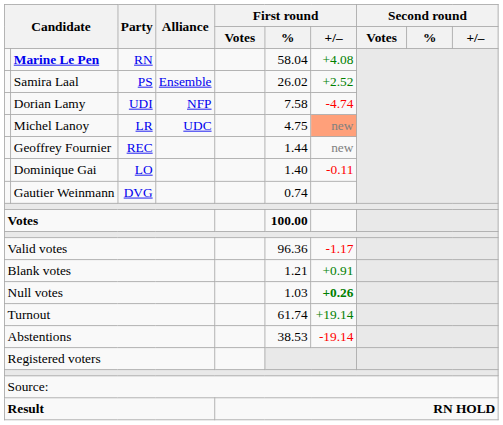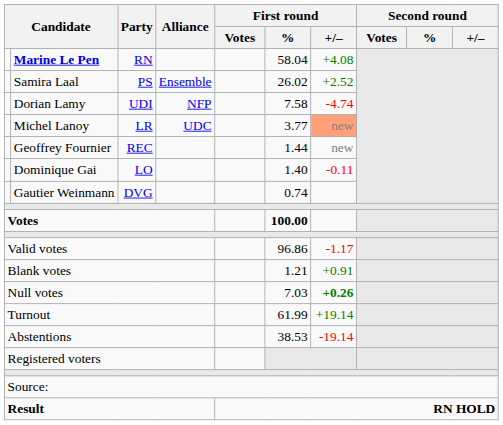 <table class="wikitable" style="text-align:right;font-size:95%;">
 <tr>
 <th rowspan="2" colspan="2">Candidate</th>
 <th colspan="1" rowspan="2">Party</th>
 <th colspan="1" rowspan="2">Alliance</th>
 <th colspan="3">First round</th>
 <th colspan="3">Second round</th>
 </tr>
 <tr>
 <th style="width:50px;">Votes</th>
 <th style="width:45px;">%</th>
 <th style="width:45px;">+/–</th>
 <th style="width:50px;">Votes</th>
 <th style="width:45px;">%</th>
 <th style="width:45px;">+/–</th>
 </tr>
 <tr>
 <td style="background:"></td>
 <td style="text-align:left;"><strong><a href='#'>Marine Le Pen</a></strong></td>
 <td><a href='#'>RN</a></td>
 <td></td>
 <td></td>
 <td>58.04</td>
 <td style="color:green;">+4.08</td>
 <td colspan="3" rowspan="7" style="background:#E9E9E9;"></td>
 </tr>
 <tr>
 <td style="background:"></td>
 <td style="text-align:left;">Samira Laal</td>
 <td><a href='#'>PS</a></td>
 <td><a href='#'>Ensemble</a></td>
 <td></td>
 <td>26.02</td>
 <td style="color:green;">+2.52</td>
 </tr>
 <tr>
 <td style="background:"></td>
 <td style="text-align:left;">Dorian Lamy</td>
 <td><a href='#'>UDI</a></td>
 <td><a href='#'>NFP</a></td>
 <td></td>
 <td>7.58</td>
 <td style="color:red;">-4.74</td>
 </tr>
 <tr>
 <td style="background:"></td>
 <td style="text-align:left;">Michel Lanoy</td>
 <td><a href='#'>LR</a></td>
 <td><a href='#'>UDC</a></td>
 <td></td>
-<td>4.75</td>
+<td>3.77</td>
 <td style="background: lightsalmon; color:grey;">new</td>
 </tr>
 <tr>
 <td style="background:"></td>
 <td style="text-align:left;">Geoffrey Fournier</td>
 <td><a href='#'>REC</a></td>
 <td></td>
 <td></td>
 <td>1.44</td>
 <td style="color:grey;">new</td>
 </tr>
 <tr>
 <td style="background:"></td>
 <td style="text-align:left;">Dominique Gai</td>
 <td><a href='#'>LO</a></td>
 <td></td>
 <td></td>
 <td>1.40</td>
 <td style="color:red;">-0.11</td>
 </tr>
 <tr>
 <td style="background:"></td>
 <td style="text-align:left;">Gautier Weinmann</td>
 <td><a href='#'>DVG</a></td>
 <td></td>
 <td></td>
 <td>0.74</td>
 <td style="color:grey;"></td>
 </tr>
 <tr>
 <td colspan="10" style="background:#E9E9E9;"></td>
 </tr>
 <tr style="font-weight:bold;">
 <td colspan="4" style="text-align:left;">Votes</td>
 <td></td>
 <td>100.00</td>
 <td></td>
 <td colspan="3" rowspan="1" style="background:#E9E9E9;"></td>
 </tr>
 <tr>
 <td colspan="10" style="background:#E9E9E9;"></td>
 </tr>
 <tr>
 <td colspan="4" style="text-align:left;">Valid votes</td>
 <td></td>
-<td>96.36</td>
+<td>96.86</td>
 <td style="color:red;">-1.17</td>
 <td colspan="3" rowspan="1" style="background:#E9E9E9;"></td>
 </tr>
 <tr>
 <td colspan="4" style="text-align:left;">Blank votes</td>
 <td></td>
 <td>1.21</td>
 <td style="color:green;">+0.91</td>
 <td colspan="3" rowspan="1" style="background:#E9E9E9;"></td>
 </tr>
 <tr>
 <td colspan="4" style="text-align:left;">Null votes</td>
 <td></td>
-<td>1.03</td>
+<td>7.03</td>
 <td style="color:green;"><strong>+0.26</strong></td>
 <td colspan="3" rowspan="1" style="background:#E9E9E9;"></td>
 </tr>
 <tr>
 <td colspan="4" style="text-align:left;">Turnout</td>
 <td></td>
-<td>61.74</td>
+<td>61.99</td>
 <td style="color:green;">+19.14</td>
 <td colspan="3" rowspan="1" style="background:#E9E9E9;"></td>
 </tr>
 <tr>
 <td colspan="4" style="text-align:left;">Abstentions</td>
 <td></td>
 <td>38.53</td>
 <td style="color:red;">-19.14</td>
 <td colspan="3" rowspan="1" style="background:#E9E9E9;"></td>
 </tr>
 <tr>
 <td colspan="4" style="text-align:left;">Registered voters</td>
 <td></td>
 <td colspan="2" style="background:#E9E9E9;"></td>
 <td colspan="3" rowspan="1" style="background:#E9E9E9;"></td>
 </tr>
 <tr>
 <td colspan="10" style="background:#E9E9E9;"></td>
 </tr>
 <tr>
 <td colspan="10" style="text-align:left;">Source: </td>
 </tr>
 <tr style="font-weight:bold">
 <td colspan="4" style="text-align:left;">Result</td>
 <td colspan="6" style="background-color:">RN HOLD</td>
 </tr>
 </table>
